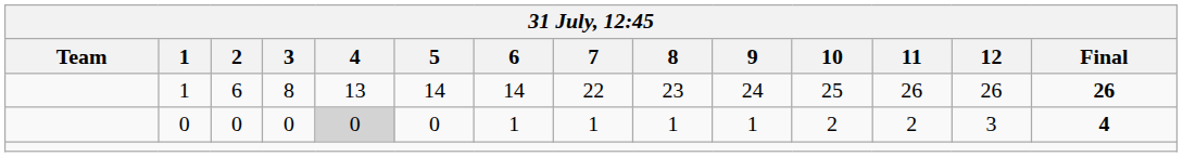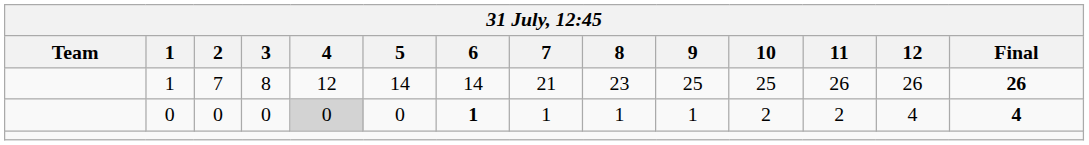 <table class=wikitable style="text-align:center; width: 55%">
 <tr>
 <th colspan=17><em>31 July, 12:45</em></th>
 </tr>
 <tr>
 <th>Team</th>
 <th>1</th>
 <th>2</th>
 <th>3</th>
 <th>4</th>
 <th>5</th>
 <th>6</th>
 <th>7</th>
 <th>8</th>
 <th>9</th>
 <th>10</th>
 <th>11</th>
 <th>12</th>
 <th>Final</th>
 </tr>
 <tr>
 <td align=left><strong></strong></td>
 <td>1</td>
-<td>6</td>
+<td>7</td>
 <td>8</td>
-<td>13</td>
+<td>12</td>
 <td>14</td>
 <td>14</td>
-<td>22</td>
+<td>21</td>
 <td>23</td>
-<td>24</td>
+<td>25</td>
 <td>25</td>
 <td>26</td>
 <td>26</td>
 <td><strong>26</strong></td>
 </tr>
 <tr>
 <td align=left></td>
 <td>0</td>
 <td>0</td>
 <td>0</td>
 <td style="background: lightgrey;">0</td>
 <td>0</td>
-<td>1</td>
+<td><strong>1</strong></td>
 <td>1</td>
 <td>1</td>
 <td>1</td>
 <td>2</td>
 <td>2</td>
-<td>3</td>
+<td>4</td>
 <td><strong>4</strong></td>
 </tr>
 <tr>
 <td colspan=17></td>
 </tr>
 </table>
